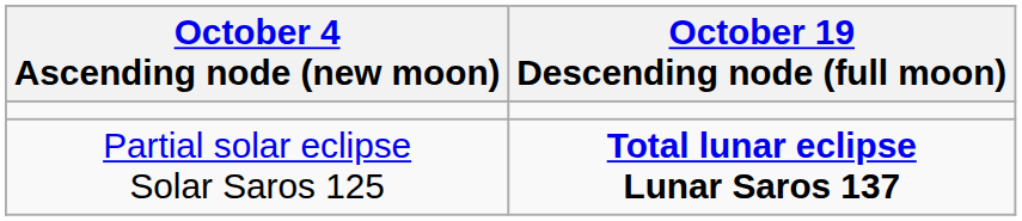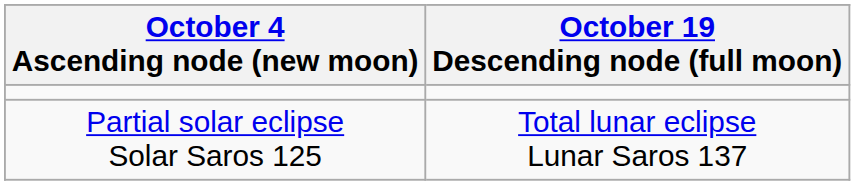 <table class="wikitable">
 <tr>
 <th><a href='#'>October 4</a><br>Ascending node (new moon)<br></th>
 <th><a href='#'>October 19</a><br>Descending node (full moon)<br></th>
 </tr>
 <tr>
 <td></td>
 <td></td>
 </tr>
 <tr align=center>
 <td><a href='#'>Partial solar eclipse</a><br>Solar Saros 125</td>
-<td><strong><a href='#'>Total lunar eclipse</a><br>Lunar Saros 137</strong></td>
+<td><a href='#'>Total lunar eclipse</a><br>Lunar Saros 137</td>
 </tr>
 </table>
